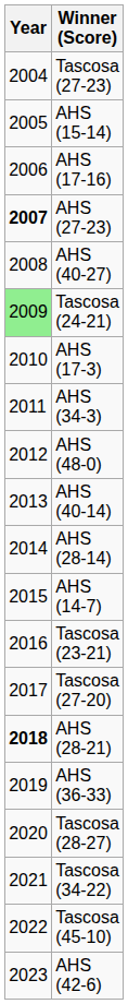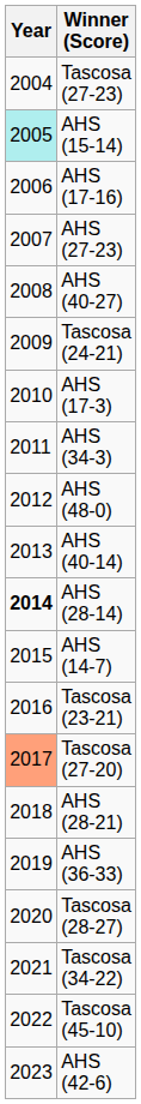 <table class="wikitable">
 <tr>
 <th>Year</th>
 <th>Winner<br> (Score)</th>
 </tr>
 <tr>
 <td>2004</td>
 <td>Tascosa<br> (27-23)</td>
 </tr>
 <tr>
-<td>2005</td>
+<td style="background: paleturquoise;">2005</td>
 <td>AHS<br>(15-14)</td>
 </tr>
 <tr>
 <td>2006</td>
 <td>AHS<br>(17-16)</td>
 </tr>
 <tr>
-<td><strong>2007</strong></td>
+<td>2007</td>
 <td>AHS<br>(27-23)</td>
 </tr>
 <tr>
 <td>2008</td>
 <td>AHS<br>(40-27)</td>
 </tr>
 <tr>
-<td style="background: lightgreen;">2009</td>
+<td>2009</td>
 <td>Tascosa<br>(24-21)</td>
 </tr>
 <tr>
 <td>2010</td>
 <td>AHS<br>(17-3)</td>
 </tr>
 <tr>
 <td>2011</td>
 <td>AHS<br>(34-3)</td>
 </tr>
 <tr>
 <td>2012</td>
 <td>AHS<br>(48-0)</td>
 </tr>
 <tr>
 <td>2013</td>
 <td>AHS<br>(40-14)</td>
 </tr>
 <tr>
-<td>2014</td>
+<td><strong>2014</strong></td>
 <td>AHS<br>(28-14)</td>
 </tr>
 <tr>
 <td>2015</td>
 <td>AHS<br>(14-7)</td>
 </tr>
 <tr>
 <td>2016</td>
 <td>Tascosa<br>(23-21)</td>
 </tr>
 <tr>
-<td>2017</td>
+<td style="background: lightsalmon;">2017</td>
 <td>Tascosa<br>(27-20)</td>
 </tr>
 <tr>
-<td><strong>2018</strong></td>
+<td>2018</td>
 <td>AHS<br>(28-21)</td>
 </tr>
 <tr>
 <td>2019</td>
 <td>AHS<br>(36-33)</td>
 </tr>
 <tr>
 <td>2020</td>
 <td>Tascosa<br>(28-27)</td>
 </tr>
 <tr>
 <td>2021</td>
 <td>Tascosa<br>(34-22)</td>
 </tr>
 <tr>
 <td>2022</td>
 <td>Tascosa<br>(45-10)</td>
 </tr>
 <tr>
 <td>2023</td>
 <td>AHS<br>(42-6)</td>
 </tr>
 </table>
